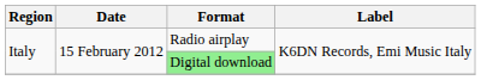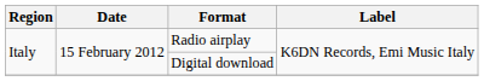 <table class="wikitable">
 <tr>
 <th>Region</th>
 <th>Date</th>
 <th>Format</th>
 <th>Label</th>
 </tr>
 <tr>
 <td rowspan="2">Italy</td>
 <td rowspan="2">15 February 2012</td>
 <td>Radio airplay</td>
 <td rowspan="2">K6DN Records, Emi Music Italy</td>
 </tr>
 <tr>
-<td style="background: lightgreen;">Digital download</td>
+<td>Digital download</td>
 </tr>
 <tr>
 </tr>
 </table>
